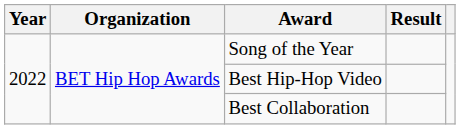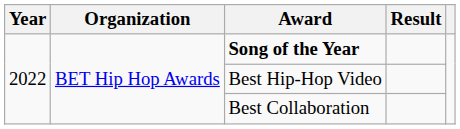 <table class="wikitable plainrowheaders">
 <tr>
 <th>Year</th>
 <th>Organization</th>
 <th>Award</th>
 <th>Result</th>
 <th></th>
 </tr>
 <tr>
 <td rowspan=3>2022</td>
 <td rowspan=3><a href='#'>BET Hip Hop Awards</a></td>
-<td>Song of the Year</td>
+<td><strong>Song of the Year</strong></td>
 <td></td>
 <td rowspan=3></td>
 </tr>
 <tr>
 <td>Best Hip-Hop Video</td>
 <td></td>
 </tr>
 <tr>
 <td>Best Collaboration</td>
 <td></td>
 </tr>
 </table>
